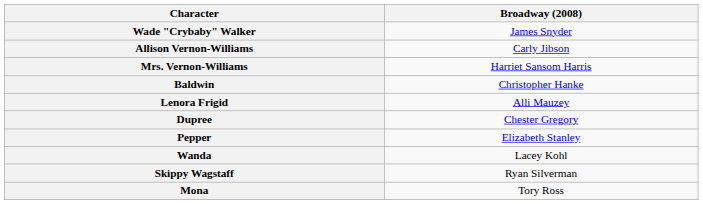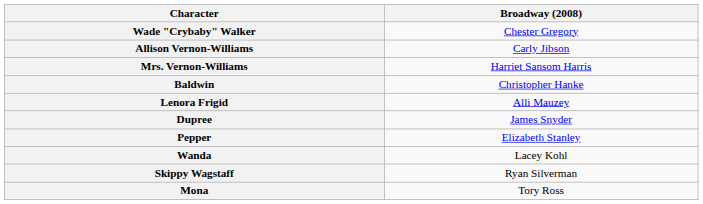 <table class="wikitable" style="width:50%; text-align:center">
 <tr>
 <th scope="col">Character</th>
 <th>Broadway (2008)</th>
 </tr>
 <tr>
 <th>Wade "Crybaby" Walker</th>
-<td colspan="1"><a href='#'>James Snyder</a></td>
+<td colspan="1"><a href='#'>Chester Gregory</a></td>
 </tr>
 <tr>
 <th>Allison Vernon-Williams</th>
 <td colspan="1"><a href='#'>Carly Jibson</a></td>
 </tr>
 <tr>
 <th>Mrs. Vernon-Williams</th>
 <td colspan="1”"><a href='#'>Harriet Sansom Harris</a></td>
 </tr>
 <tr>
 <th>Baldwin</th>
 <td colspan="1”"><a href='#'>Christopher Hanke</a></td>
 </tr>
 <tr>
 <th>Lenora Frigid</th>
 <td colspan="1"><a href='#'>Alli Mauzey</a></td>
 </tr>
 <tr>
 <th>Dupree</th>
-<td colspan="1"><a href='#'>Chester Gregory</a></td>
+<td colspan="1"><a href='#'>James Snyder</a></td>
 </tr>
 <tr>
 <th>Pepper</th>
 <td colspan="1"><a href='#'>Elizabeth Stanley</a></td>
 </tr>
 <tr>
 <th>Wanda</th>
 <td colspan="1">Lacey Kohl</td>
 </tr>
 <tr>
 <th>Skippy Wagstaff</th>
 <td colspan="1">Ryan Silverman</td>
 </tr>
 <tr>
 <th>Mona</th>
 <td colspan="1">Tory Ross</td>
 </tr>
 </table>
